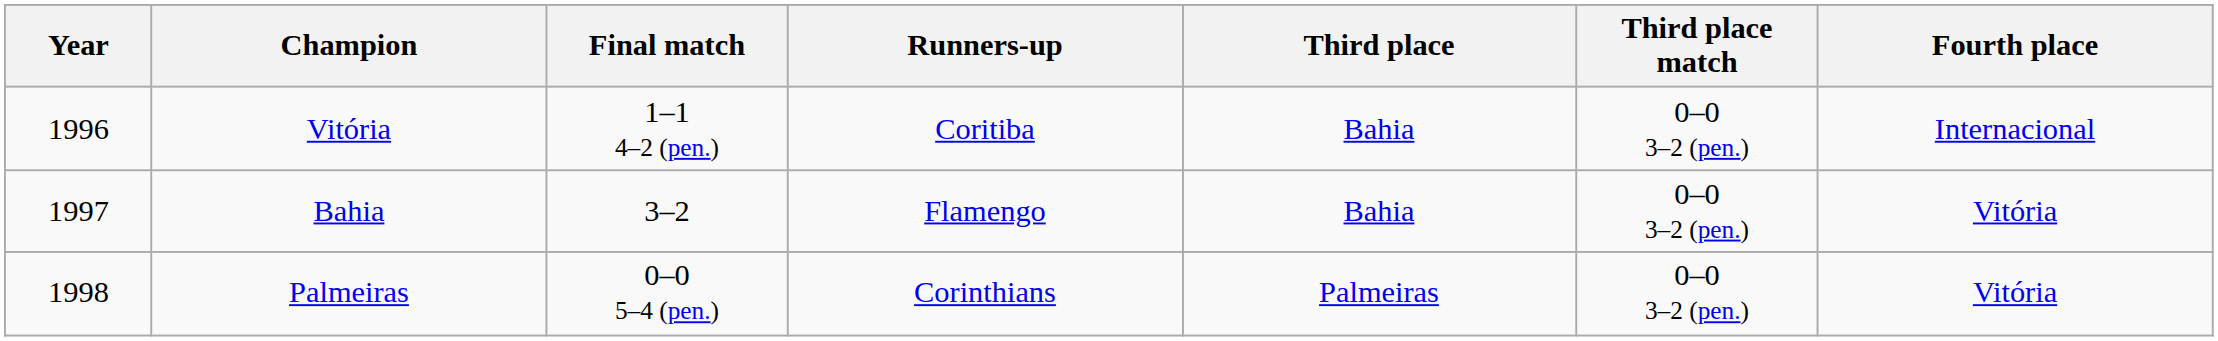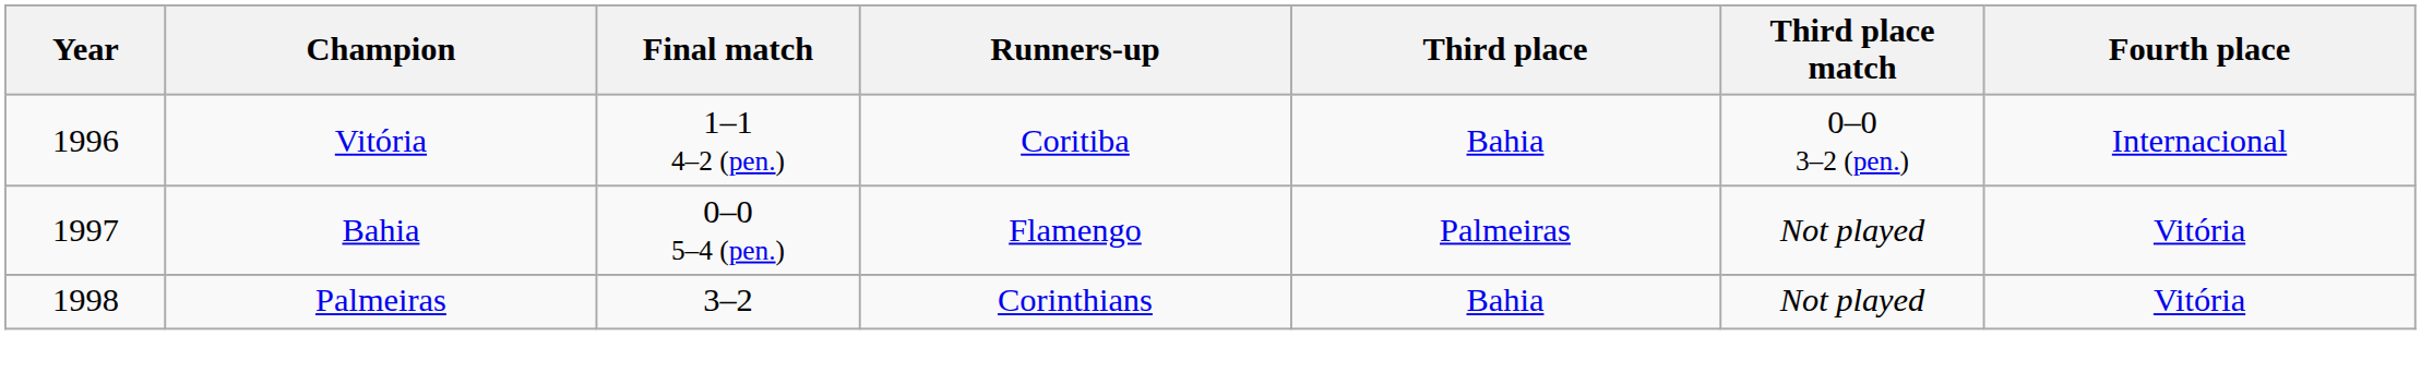 <table class="wikitable">
 <tr>
 <th width=70>Year</th>
 <th width=200>Champion</th>
 <th width=120>Final match</th>
 <th width=200>Runners-up</th>
 <th width=200>Third place</th>
 <th width=120>Third place match</th>
 <th width=200>Fourth place</th>
 </tr>
 <tr>
 <td align=center>1996</td>
 <td align=center><a href='#'>Vitória</a><br></td>
 <td align=center>1–1 <br> <small>4–2 (<a href='#'>pen.</a>)</small></td>
 <td align=center><a href='#'>Coritiba</a><br></td>
 <td align=center><a href='#'>Bahia</a><br></td>
 <td align=center>0–0 <br> <small>3–2 (<a href='#'>pen.</a>)</small></td>
 <td align=center><a href='#'>Internacional</a><br></td>
 </tr>
 <tr>
 <td align=center>1997</td>
 <td align=center><a href='#'>Bahia</a><br></td>
-<td align=center>3–2</td>
+<td align=center>0–0 <br> <small>5–4 (<a href='#'>pen.</a>)</small></td>
 <td align=center><a href='#'>Flamengo</a><br></td>
-<td align=center><a href='#'>Bahia</a><br></td>
-<td align=center>0–0 <br> <small>3–2 (<a href='#'>pen.</a>)</small></td>
+<td align=center><a href='#'>Palmeiras</a><br></td>
+<td align=center><em>Not played</em></td>
 <td align=center><a href='#'>Vitória</a><br></td>
 </tr>
 <tr>
 <td align=center>1998</td>
 <td align=center><a href='#'>Palmeiras</a><br></td>
-<td align=center>0–0 <br> <small>5–4 (<a href='#'>pen.</a>)</small></td>
+<td align=center>3–2</td>
 <td align=center><a href='#'>Corinthians</a><br></td>
-<td align=center><a href='#'>Palmeiras</a><br></td>
-<td align=center>0–0 <br> <small>3–2 (<a href='#'>pen.</a>)</small></td>
+<td align=center><a href='#'>Bahia</a><br></td>
+<td align=center><em>Not played</em></td>
 <td align=center><a href='#'>Vitória</a><br></td>
 </tr>
 </table>
